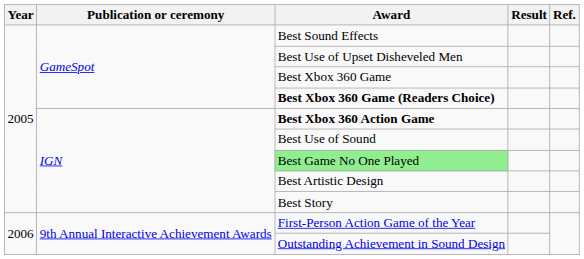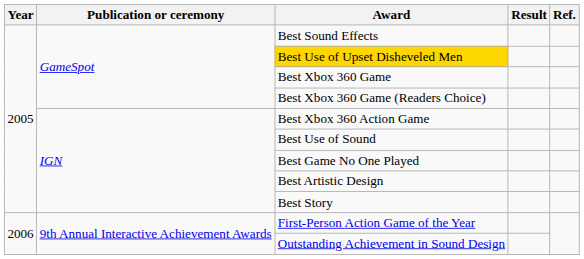 <table class="wikitable">
 <tr>
 <th>Year</th>
 <th>Publication or ceremony</th>
 <th>Award</th>
 <th>Result</th>
 <th>Ref.</th>
 </tr>
 <tr>
 <td rowspan="9">2005</td>
 <td rowspan="4"><em><a href='#'>GameSpot</a></em></td>
 <td>Best Sound Effects</td>
 <td></td>
 <td style="text-align:center;"></td>
 </tr>
 <tr>
-<td>Best Use of Upset Disheveled Men</td>
+<td style="background: gold;">Best Use of Upset Disheveled Men</td>
 <td></td>
 <td style="text-align:center;"></td>
 </tr>
 <tr>
 <td>Best Xbox 360 Game</td>
 <td></td>
 <td style="text-align:center;"></td>
 </tr>
 <tr>
-<td><strong>Best Xbox 360 Game (Readers Choice)</strong></td>
+<td>Best Xbox 360 Game (Readers Choice)</td>
 <td></td>
 <td style="text-align:center;"></td>
 </tr>
 <tr>
 <td rowspan="5"><em><a href='#'>IGN</a></em></td>
-<td><strong>Best Xbox 360 Action Game</strong></td>
+<td>Best Xbox 360 Action Game</td>
 <td></td>
 <td style="text-align:center;"></td>
 </tr>
 <tr>
 <td>Best Use of Sound</td>
 <td></td>
 <td style="text-align:center;"></td>
 </tr>
 <tr>
-<td style="background: lightgreen;">Best Game No One Played</td>
+<td>Best Game No One Played</td>
 <td></td>
 <td style="text-align:center;"></td>
 </tr>
 <tr>
 <td>Best Artistic Design</td>
 <td></td>
 <td style="text-align:center;"></td>
 </tr>
 <tr>
 <td>Best Story</td>
 <td></td>
 <td style="text-align:center;"></td>
 </tr>
 <tr>
 <td rowspan="2">2006</td>
 <td rowspan="2"><a href='#'>9th Annual Interactive Achievement Awards</a></td>
 <td><a href='#'>First-Person Action Game of the Year</a></td>
 <td></td>
 <td style="text-align:center;" rowspan="2"></td>
 </tr>
 <tr>
 <td><a href='#'>Outstanding Achievement in Sound Design</a></td>
 <td></td>
 </tr>
 </table>
